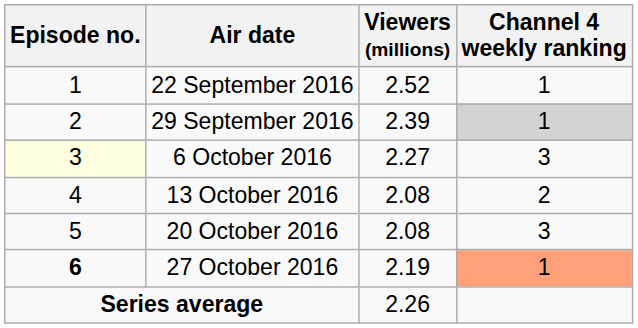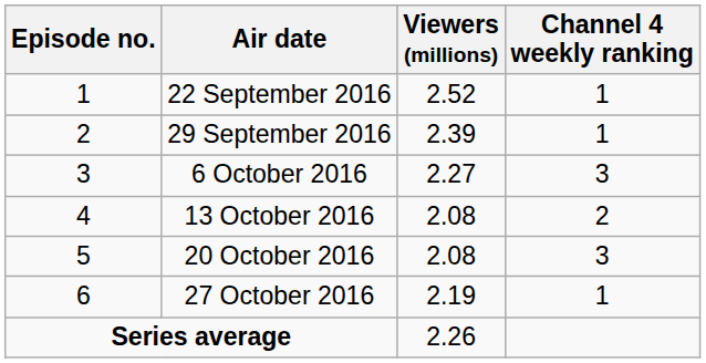 <table class="wikitable" style="text-align:center;">
 <tr>
 <th>Episode no.</th>
 <th>Air date</th>
 <th>Viewers<br><small>(millions)</small></th>
 <th>Channel 4<br>weekly ranking</th>
 </tr>
 <tr>
 <td>1</td>
 <td>22 September 2016</td>
 <td>2.52</td>
 <td>1</td>
 </tr>
 <tr>
 <td>2</td>
 <td>29 September 2016</td>
 <td>2.39</td>
-<td style="background: lightgrey;">1</td>
+<td>1</td>
 </tr>
 <tr>
-<td style="background: lightyellow;">3</td>
+<td>3</td>
 <td>6 October 2016</td>
 <td>2.27</td>
 <td>3</td>
 </tr>
 <tr>
 <td>4</td>
 <td>13 October 2016</td>
 <td>2.08</td>
 <td>2</td>
 </tr>
 <tr>
 <td>5</td>
 <td>20 October 2016</td>
 <td>2.08</td>
 <td>3</td>
 </tr>
 <tr>
-<td><strong>6</strong></td>
+<td>6</td>
 <td>27 October 2016</td>
 <td>2.19</td>
-<td style="background: lightsalmon;">1</td>
+<td>1</td>
 </tr>
 <tr>
 <td colspan=2><strong>Series average</strong></td>
 <td>2.26</td>
 <td></td>
 </tr>
 </table>
